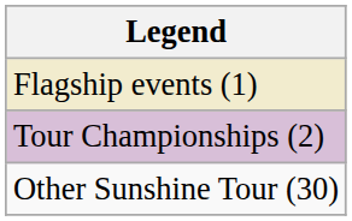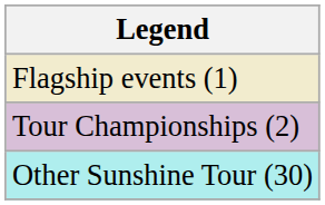 <table class="wikitable" style="font-size:95%;">
 <tr>
 <th>Legend</th>
 </tr>
 <tr style="background:#f2ecce;">
 <td>Flagship events (1)</td>
 </tr>
 <tr style="background:thistle;">
 <td>Tour Championships (2)</td>
 </tr>
 <tr>
-<td>Other Sunshine Tour (30)</td>
+<td style="background: paleturquoise;">Other Sunshine Tour (30)</td>
 </tr>
 </table>
